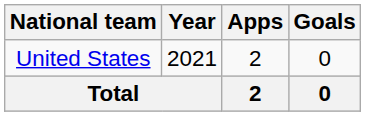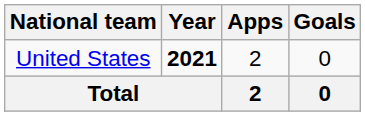 <table class=wikitable style=text-align:center>
 <tr>
 <th>National team</th>
 <th>Year</th>
 <th>Apps</th>
 <th>Goals</th>
 </tr>
 <tr>
 <td rowspan=1><a href='#'>United States</a></td>
-<td>2021</td>
+<td><strong>2021</strong></td>
 <td>2</td>
 <td>0</td>
 </tr>
 <tr>
 <th colspan=2>Total</th>
 <th>2</th>
 <th>0</th>
 </tr>
 </table>
